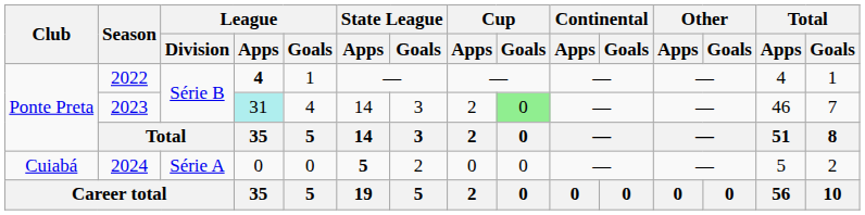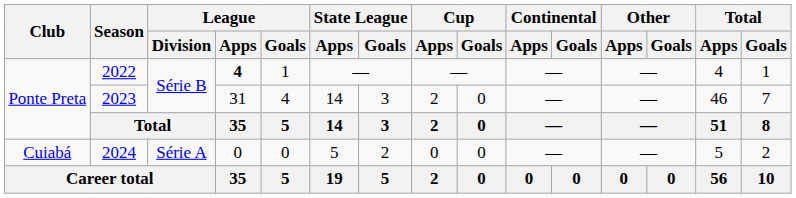 <table class="wikitable" style="text-align: center;">
 <tr>
 <th rowspan="2">Club</th>
 <th rowspan="2">Season</th>
 <th colspan="3">League</th>
 <th colspan="2">State League</th>
 <th colspan="2">Cup</th>
 <th colspan="2">Continental</th>
 <th colspan="2">Other</th>
 <th colspan="2">Total</th>
 </tr>
 <tr>
 <th>Division</th>
 <th>Apps</th>
 <th>Goals</th>
 <th>Apps</th>
 <th>Goals</th>
 <th>Apps</th>
 <th>Goals</th>
 <th>Apps</th>
 <th>Goals</th>
 <th>Apps</th>
 <th>Goals</th>
 <th>Apps</th>
 <th>Goals</th>
 </tr>
 <tr>
 <td rowspan="3" valign="center"><a href='#'>Ponte Preta</a></td>
 <td><a href='#'>2022</a></td>
 <td rowspan="2"><a href='#'>Série B</a></td>
 <td><strong>4</strong></td>
 <td>1</td>
 <td colspan="2">—</td>
 <td colspan="2">—</td>
 <td colspan="2">—</td>
 <td colspan="2">—</td>
 <td>4</td>
 <td>1</td>
 </tr>
 <tr>
 <td><a href='#'>2023</a></td>
-<td style="background: paleturquoise;">31</td>
+<td>31</td>
 <td>4</td>
 <td>14</td>
 <td>3</td>
 <td>2</td>
-<td style="background: lightgreen;">0</td>
+<td>0</td>
 <td colspan="2">—</td>
 <td colspan="2">—</td>
 <td>46</td>
 <td>7</td>
 </tr>
 <tr>
 <th colspan="2">Total</th>
 <th>35</th>
 <th>5</th>
 <th>14</th>
 <th>3</th>
 <th>2</th>
 <th>0</th>
 <th colspan="2">—</th>
 <th colspan="2">—</th>
 <th>51</th>
 <th>8</th>
 </tr>
 <tr>
 <td valign="center"><a href='#'>Cuiabá</a></td>
 <td><a href='#'>2024</a></td>
 <td><a href='#'>Série A</a></td>
 <td>0</td>
 <td>0</td>
-<td><strong>5</strong></td>
+<td>5</td>
 <td>2</td>
 <td>0</td>
 <td>0</td>
 <td colspan="2">—</td>
 <td colspan="2">—</td>
 <td>5</td>
 <td>2</td>
 </tr>
 <tr>
 <th colspan="3"><strong>Career total</strong></th>
 <th>35</th>
 <th>5</th>
 <th>19</th>
 <th>5</th>
 <th>2</th>
 <th>0</th>
 <th>0</th>
 <th>0</th>
 <th>0</th>
 <th>0</th>
 <th>56</th>
 <th>10</th>
 </tr>
 </table>
